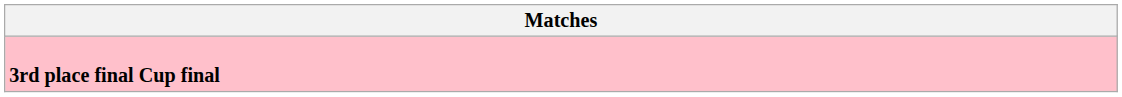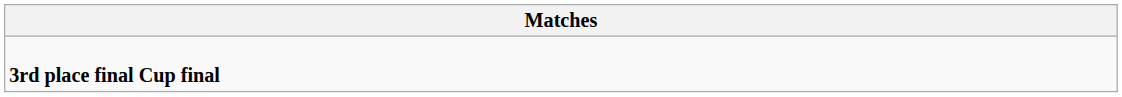 <table class="wikitable collapsible collapsed" style="width:100%;">
 <tr>
 <th>Matches</th>
 </tr>
 <tr>
-<td style="background: pink;"><br><strong>3rd place final</strong>  <strong>Cup final</strong> </td>
+<td><br><strong>3rd place final</strong>  <strong>Cup final</strong> </td>
 </tr>
 </table>
